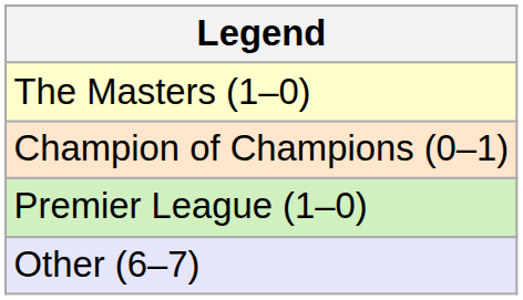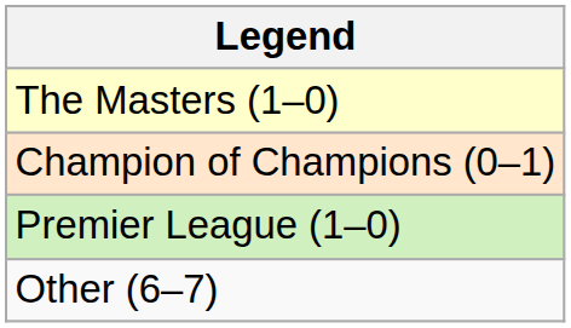 <table class="wikitable">
 <tr>
 <th>Legend</th>
 </tr>
 <tr bgcolor="ffffcc">
 <td>The Masters (1–0)</td>
 </tr>
 <tr style="background:#ffe6cc;">
 <td>Champion of Champions (0–1)</td>
 </tr>
 <tr bgcolor="d0f0c0">
 <td>Premier League (1–0)</td>
 </tr>
 <tr>
-<td style="background: lavender;">Other (6–7)</td>
+<td>Other (6–7)</td>
 </tr>
 </table>
